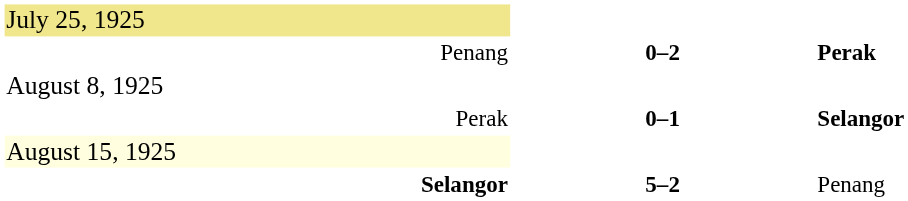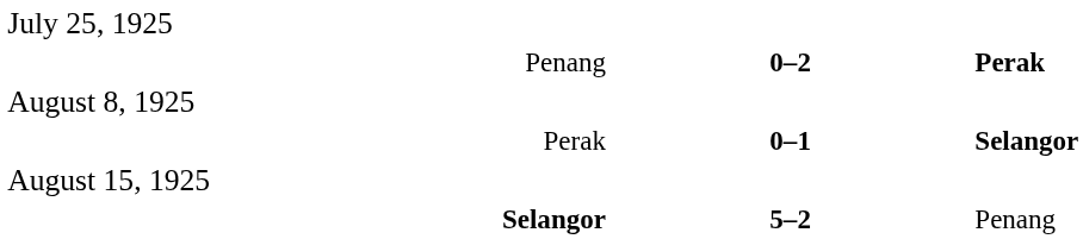 <table width=100% cellspacing=1>
 <tr>
 <th width=20%></th>
 <th width=12%></th>
 <th width=20%></th>
 <th></th>
 </tr>
 <tr>
-<td style="background: khaki;">July 25, 1925</td>
+<td>July 25, 1925</td>
 </tr>
 <tr style=font-size:90%>
 <td align=right>Penang</td>
 <td align=center><strong>0–2</strong></td>
 <td><strong>Perak</strong></td>
 <td></td>
 <td></td>
 </tr>
 <tr>
 <td>August 8, 1925</td>
 </tr>
 <tr style=font-size:90%>
 <td align=right>Perak</td>
 <td align=center><strong>0–1</strong></td>
 <td><strong>Selangor</strong></td>
 <td></td>
 <td></td>
 </tr>
 <tr>
-<td style="background: lightyellow;">August 15, 1925</td>
+<td>August 15, 1925</td>
 </tr>
 <tr style=font-size:90%>
 <td align=right><strong>Selangor</strong></td>
 <td align=center><strong>5–2</strong></td>
 <td>Penang</td>
 <td></td>
 <td></td>
 </tr>
 <tr>
 </tr>
 </table>
